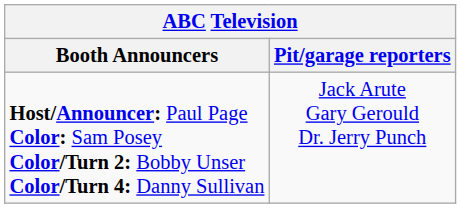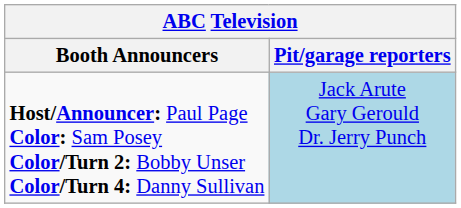 <table class="wikitable" style="font-size: 95%;">
 <tr>
 <th colspan=2><a href='#'>ABC</a> <a href='#'>Television</a></th>
 </tr>
 <tr>
 <th>Booth Announcers</th>
 <th><a href='#'>Pit/garage reporters</a></th>
 </tr>
 <tr>
 <td valign="top"><br><strong>Host/<a href='#'>Announcer</a>:</strong> <a href='#'>Paul Page</a><br> <strong><a href='#'>Color</a>:</strong> <a href='#'>Sam Posey</a><br> <strong><a href='#'>Color</a>/Turn 2:</strong> <a href='#'>Bobby Unser</a><br> <strong><a href='#'>Color</a>/Turn 4:</strong> <a href='#'>Danny Sullivan</a></td>
-<td align="center" valign="top"><a href='#'>Jack Arute</a><br><a href='#'>Gary Gerould</a><br><a href='#'>Dr. Jerry Punch</a></td>
+<td align="center" valign="top" style="background: lightblue;"><a href='#'>Jack Arute</a><br><a href='#'>Gary Gerould</a><br><a href='#'>Dr. Jerry Punch</a></td>
 </tr>
 </table>
